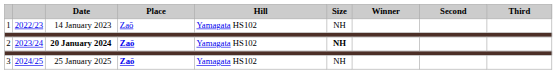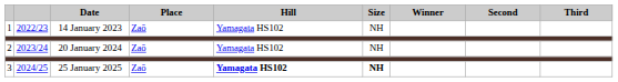 <table class="wikitable plainrowheaders" style="background:#fff; font-size:86%; line-height:16px; border:grey solid 1px; border-collapse:collapse;">
 <tr style="background:#ccc; text-align:center;">
 <th scope="col" style="background:#ccc; width=20 px;"></th>
 <th scope="col" style="background:#ccc; width=25 px;"></th>
 <th scope="col" style="background:#ccc; width:155px;">Date</th>
 <th scope="col" style="background:#ccc; width:180px;">Place</th>
 <th scope="col" style="background:#ccc; width:320px;">Hill</th>
 <th scope="col" style="background:#ccc; width:40px;">Size</th>
 <th scope="col" style="background:#ccc; width:145px;">Winner</th>
 <th scope="col" style="background:#ccc; width:145px;">Second</th>
 <th scope="col" style="background:#ccc; width:145px;">Third</th>
 </tr>
 <tr>
 <td align=center>1</td>
 <td align=center><a href='#'>2022/23</a></td>
 <td align=right>14 January 2023  </td>
 <td> <a href='#'>Zaō</a></td>
 <td><a href='#'>Yamagata</a> HS102</td>
 <td align=center>NH</td>
 <td></td>
 <td></td>
 <td></td>
 </tr>
 <tr bgcolor=#4C2F27>
 <td colspan=9></td>
 </tr>
 <tr>
 <td align=center>2</td>
 <td align=center><a href='#'>2023/24</a></td>
-<td align=right><strong>20 January 2024  </strong></td>
-<td><strong> <a href='#'>Zaō</a></strong></td>
+<td align=right>20 January 2024  </td>
+<td> <a href='#'>Zaō</a></td>
 <td><a href='#'>Yamagata</a> HS102</td>
-<td align=center><strong>NH</strong></td>
+<td align=center>NH</td>
 <td></td>
 <td></td>
 <td></td>
 </tr>
 <tr bgcolor=#4C2F27>
 <td colspan=9></td>
 </tr>
 <tr>
 <td align=center>3</td>
 <td align=center><a href='#'>2024/25</a></td>
 <td align=right>25 January 2025  </td>
-<td><strong> <a href='#'>Zaō</a></strong></td>
-<td><a href='#'>Yamagata</a> HS102</td>
-<td align=center>NH</td>
+<td> <a href='#'>Zaō</a></td>
+<td><strong><a href='#'>Yamagata</a> HS102</strong></td>
+<td align=center><strong>NH</strong></td>
 <td></td>
 <td></td>
 <td></td>
 </tr>
 </table>
